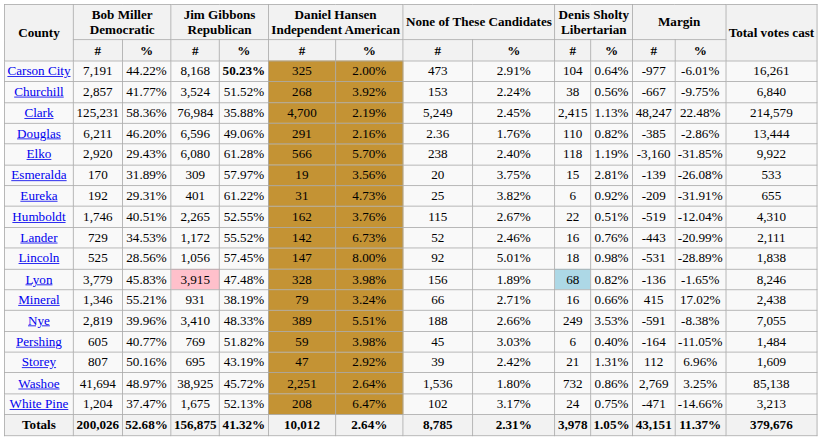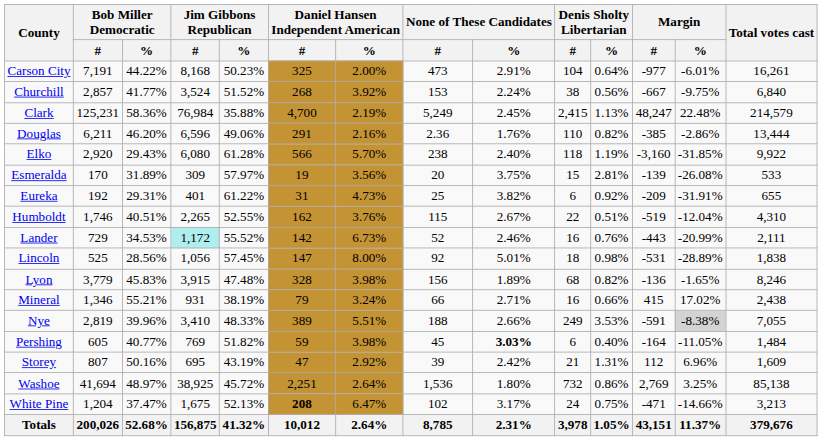 <table class="wikitable sortable" style="text-align:center">
 <tr>
 <th rowspan="2">County</th>
 <th style="text-align:center;" colspan="2">Bob Miller<br>Democratic</th>
 <th style="text-align:center;" colspan="2">Jim Gibbons<br>Republican</th>
 <th style="text-align:center;" colspan="2">Daniel Hansen<br>Independent American</th>
 <th style="text-align:center;" colspan="2">None of These Candidates</th>
 <th style="text-align:center;" colspan="2">Denis Sholty<br>Libertarian</th>
 <th style="text-align:center;" colspan="2">Margin</th>
 <th style="text-align:center;" rowspan="2">Total votes cast</th>
 </tr>
 <tr>
 <th style="text-align:center;" data-sort-type="number">#</th>
 <th style="text-align:center;" data-sort-type="number">%</th>
 <th style="text-align:center;" data-sort-type="number">#</th>
 <th style="text-align:center;" data-sort-type="number">%</th>
 <th style="text-align:center;" data-sort-type="number">#</th>
 <th style="text-align:center;" data-sort-type="number">%</th>
 <th style="text-align:center;" data-sort-type="number">#</th>
 <th style="text-align:center;" data-sort-type="number">%</th>
 <th style="text-align:center;" data-sort-type="number">#</th>
 <th style="text-align:center;" data-sort-type="number">%</th>
 <th style="text-align:center;" data-sort-type="number">#</th>
 <th style="text-align:center;" data-sort-type="number">%</th>
 </tr>
 <tr style="text-align:center;">
 <td><a href='#'>Carson City</a></td>
 <td>7,191</td>
 <td>44.22%</td>
 <td>8,168</td>
-<td><strong>50.23%</strong></td>
+<td>50.23%</td>
 <td bgcolor="#c49334">325</td>
 <td bgcolor="#c49334">2.00%</td>
 <td>473</td>
 <td>2.91%</td>
 <td>104</td>
 <td>0.64%</td>
 <td>-977</td>
 <td>-6.01%</td>
 <td>16,261</td>
 </tr>
 <tr style="text-align:center;">
 <td><a href='#'>Churchill</a></td>
 <td>2,857</td>
 <td>41.77%</td>
 <td>3,524</td>
 <td>51.52%</td>
 <td bgcolor="#c49334">268</td>
 <td bgcolor="#c49334">3.92%</td>
 <td>153</td>
 <td>2.24%</td>
 <td>38</td>
 <td>0.56%</td>
 <td>-667</td>
 <td>-9.75%</td>
 <td>6,840</td>
 </tr>
 <tr style="text-align:center;">
 <td><a href='#'>Clark</a></td>
 <td>125,231</td>
 <td>58.36%</td>
 <td>76,984</td>
 <td>35.88%</td>
 <td bgcolor="#c49334">4,700</td>
 <td bgcolor="#c49334">2.19%</td>
 <td>5,249</td>
 <td>2.45%</td>
 <td>2,415</td>
 <td>1.13%</td>
 <td>48,247</td>
 <td>22.48%</td>
 <td>214,579</td>
 </tr>
 <tr style="text-align:center;">
 <td><a href='#'>Douglas</a></td>
 <td>6,211</td>
 <td>46.20%</td>
 <td>6,596</td>
 <td>49.06%</td>
 <td bgcolor="#c49334">291</td>
 <td bgcolor="#c49334">2.16%</td>
 <td>2.36</td>
 <td>1.76%</td>
 <td>110</td>
 <td>0.82%</td>
 <td>-385</td>
 <td>-2.86%</td>
 <td>13,444</td>
 </tr>
 <tr style="text-align:center;">
 <td><a href='#'>Elko</a></td>
 <td>2,920</td>
 <td>29.43%</td>
 <td>6,080</td>
 <td>61.28%</td>
 <td bgcolor="#c49334">566</td>
 <td bgcolor="#c49334">5.70%</td>
 <td>238</td>
 <td>2.40%</td>
 <td>118</td>
 <td>1.19%</td>
 <td>-3,160</td>
 <td>-31.85%</td>
 <td>9,922</td>
 </tr>
 <tr style="text-align:center;">
 <td><a href='#'>Esmeralda</a></td>
 <td>170</td>
 <td>31.89%</td>
 <td>309</td>
 <td>57.97%</td>
 <td bgcolor="#c49334">19</td>
 <td bgcolor="#c49334">3.56%</td>
 <td>20</td>
 <td>3.75%</td>
 <td>15</td>
 <td>2.81%</td>
 <td>-139</td>
 <td>-26.08%</td>
 <td>533</td>
 </tr>
 <tr style="text-align:center;">
 <td><a href='#'>Eureka</a></td>
 <td>192</td>
 <td>29.31%</td>
 <td>401</td>
 <td>61.22%</td>
 <td bgcolor="#c49334">31</td>
 <td bgcolor="#c49334">4.73%</td>
 <td>25</td>
 <td>3.82%</td>
 <td>6</td>
 <td>0.92%</td>
 <td>-209</td>
 <td>-31.91%</td>
 <td>655</td>
 </tr>
 <tr style="text-align:center;">
 <td><a href='#'>Humboldt</a></td>
 <td>1,746</td>
 <td>40.51%</td>
 <td>2,265</td>
 <td>52.55%</td>
 <td bgcolor="#c49334">162</td>
 <td bgcolor="#c49334">3.76%</td>
 <td>115</td>
 <td>2.67%</td>
 <td>22</td>
 <td>0.51%</td>
 <td>-519</td>
 <td>-12.04%</td>
 <td>4,310</td>
 </tr>
 <tr style="text-align:center;">
 <td><a href='#'>Lander</a></td>
 <td>729</td>
 <td>34.53%</td>
-<td>1,172</td>
+<td style="background: paleturquoise;">1,172</td>
 <td>55.52%</td>
 <td bgcolor="#c49334">142</td>
 <td bgcolor="#c49334">6.73%</td>
 <td>52</td>
 <td>2.46%</td>
 <td>16</td>
 <td>0.76%</td>
 <td>-443</td>
 <td>-20.99%</td>
 <td>2,111</td>
 </tr>
 <tr style="text-align:center;">
 <td><a href='#'>Lincoln</a></td>
 <td>525</td>
 <td>28.56%</td>
 <td>1,056</td>
 <td>57.45%</td>
 <td bgcolor="#c49334">147</td>
 <td bgcolor="#c49334">8.00%</td>
 <td>92</td>
 <td>5.01%</td>
 <td>18</td>
 <td>0.98%</td>
 <td>-531</td>
 <td>-28.89%</td>
 <td>1,838</td>
 </tr>
 <tr style="text-align:center;">
 <td><a href='#'>Lyon</a></td>
 <td>3,779</td>
 <td>45.83%</td>
-<td style="background: pink;">3,915</td>
+<td>3,915</td>
 <td>47.48%</td>
 <td bgcolor="#c49334">328</td>
 <td bgcolor="#c49334">3.98%</td>
 <td>156</td>
 <td>1.89%</td>
-<td style="background: lightblue;">68</td>
+<td>68</td>
 <td>0.82%</td>
 <td>-136</td>
 <td>-1.65%</td>
 <td>8,246</td>
 </tr>
 <tr style="text-align:center;">
 <td><a href='#'>Mineral</a></td>
 <td>1,346</td>
 <td>55.21%</td>
 <td>931</td>
 <td>38.19%</td>
 <td bgcolor="#c49334">79</td>
 <td bgcolor="#c49334">3.24%</td>
 <td>66</td>
 <td>2.71%</td>
 <td>16</td>
 <td>0.66%</td>
 <td>415</td>
 <td>17.02%</td>
 <td>2,438</td>
 </tr>
 <tr style="text-align:center;">
 <td><a href='#'>Nye</a></td>
 <td>2,819</td>
 <td>39.96%</td>
 <td>3,410</td>
 <td>48.33%</td>
 <td bgcolor="#c49334">389</td>
 <td bgcolor="#c49334">5.51%</td>
 <td>188</td>
 <td>2.66%</td>
 <td>249</td>
 <td>3.53%</td>
 <td>-591</td>
-<td>-8.38%</td>
+<td style="background: lightgrey;">-8.38%</td>
 <td>7,055</td>
 </tr>
 <tr style="text-align:center;">
 <td><a href='#'>Pershing</a></td>
 <td>605</td>
 <td>40.77%</td>
 <td>769</td>
 <td>51.82%</td>
 <td bgcolor="#c49334">59</td>
 <td bgcolor="#c49334">3.98%</td>
 <td>45</td>
-<td>3.03%</td>
+<td><strong>3.03%</strong></td>
 <td>6</td>
 <td>0.40%</td>
 <td>-164</td>
 <td>-11.05%</td>
 <td>1,484</td>
 </tr>
 <tr style="text-align:center;">
 <td><a href='#'>Storey</a></td>
 <td>807</td>
 <td>50.16%</td>
 <td>695</td>
 <td>43.19%</td>
 <td bgcolor="#c49334">47</td>
 <td bgcolor="#c49334">2.92%</td>
 <td>39</td>
 <td>2.42%</td>
 <td>21</td>
 <td>1.31%</td>
 <td>112</td>
 <td>6.96%</td>
 <td>1,609</td>
 </tr>
 <tr style="text-align:center;">
 <td><a href='#'>Washoe</a></td>
 <td>41,694</td>
 <td>48.97%</td>
 <td>38,925</td>
 <td>45.72%</td>
 <td bgcolor="#c49334">2,251</td>
 <td bgcolor="#c49334">2.64%</td>
 <td>1,536</td>
 <td>1.80%</td>
 <td>732</td>
 <td>0.86%</td>
 <td>2,769</td>
 <td>3.25%</td>
 <td>85,138</td>
 </tr>
 <tr style="text-align:center;">
 <td><a href='#'>White Pine</a></td>
 <td>1,204</td>
 <td>37.47%</td>
 <td>1,675</td>
 <td>52.13%</td>
-<td bgcolor="#c49334">208</td>
+<td bgcolor="#c49334"><strong>208</strong></td>
 <td bgcolor="#c49334">6.47%</td>
 <td>102</td>
 <td>3.17%</td>
 <td>24</td>
 <td>0.75%</td>
 <td>-471</td>
 <td>-14.66%</td>
 <td>3,213</td>
 </tr>
 <tr style="text-align:center;">
 <th>Totals</th>
 <th>200,026</th>
 <th>52.68%</th>
 <th>156,875</th>
 <th>41.32%</th>
 <th>10,012</th>
 <th>2.64%</th>
 <th>8,785</th>
 <th>2.31%</th>
 <th>3,978</th>
 <th>1.05%</th>
 <th>43,151</th>
 <th>11.37%</th>
 <th>379,676</th>
 </tr>
 </table>
